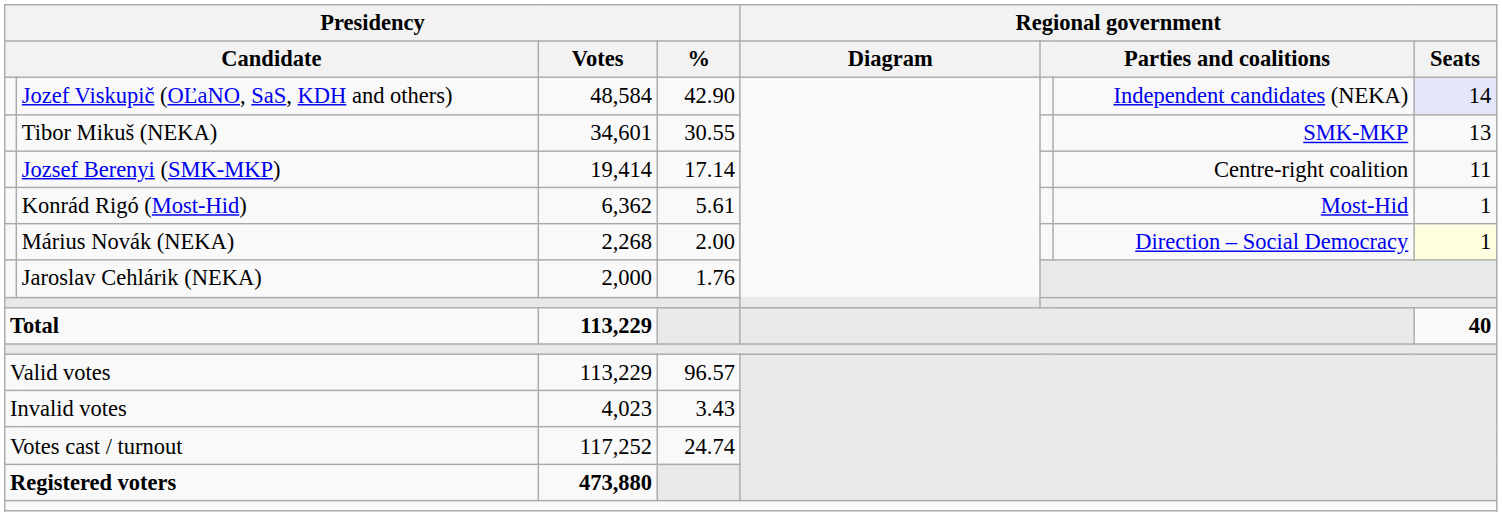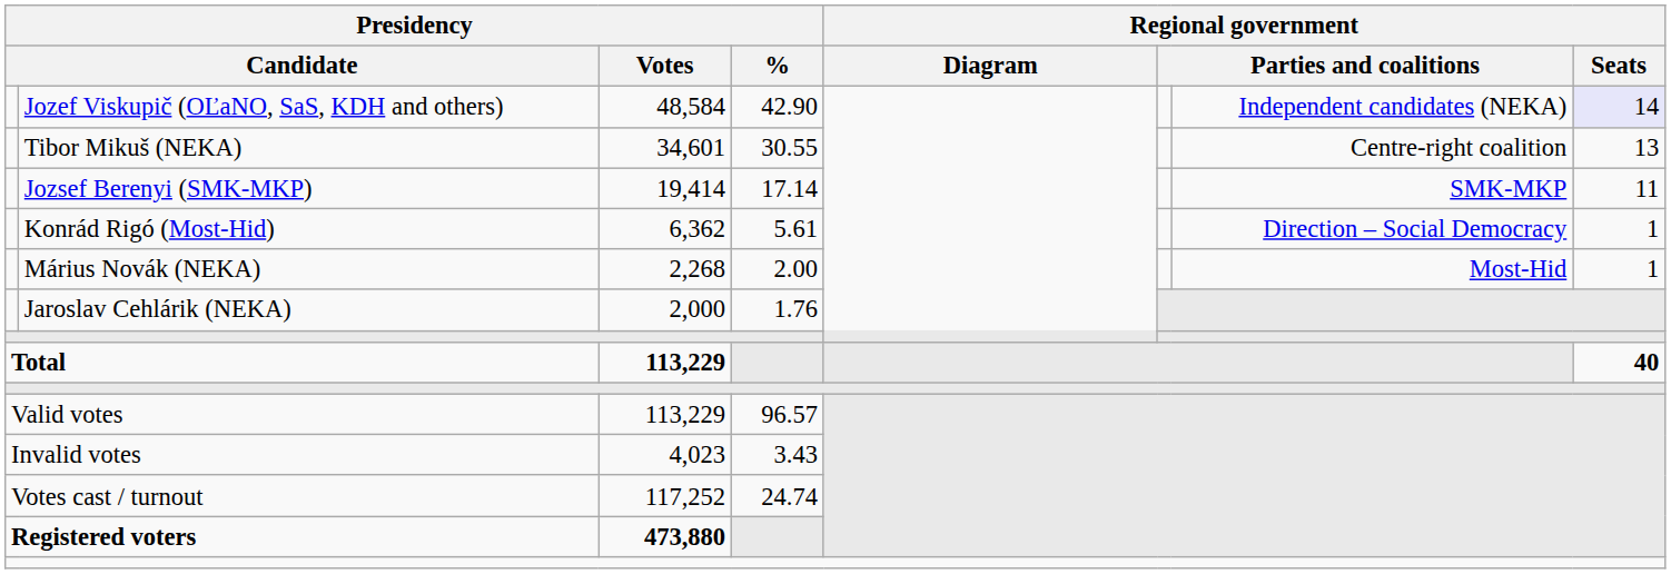 <table class="wikitable" style="text-align:right; font-size:97%;">
 <tr>
 <th colspan="4" width="500">Presidency</th>
 <th colspan="4" width="500">Regional government</th>
 </tr>
 <tr>
 <th colspan="2" width="325">Candidate</th>
 <th width="75">Votes</th>
 <th width="50">%</th>
 <th width="200">Diagram</th>
 <th colspan="2" width="250">Parties and coalitions</th>
 <th width="50">Seats</th>
 </tr>
 <tr>
 <td width="1" style="color:inherit;background:"></td>
 <td align="left"><a href='#'>Jozef Viskupič</a> (<a href='#'>OĽaNO</a>, <a href='#'>SaS</a>, <a href='#'>KDH</a> and others)</td>
 <td>48,584</td>
 <td>42.90</td>
 <td rowspan="7"></td>
 <td width="1" style="color:inherit;background:"></td>
 <td><a href='#'>Independent candidates</a> (NEKA)</td>
 <td style="background: lavender;">14</td>
 </tr>
 <tr>
 <td width="1" style="color:inherit;background:"></td>
 <td align="left">Tibor Mikuš (NEKA)</td>
 <td>34,601</td>
 <td>30.55</td>
 <td width="1" style="color:inherit;background:"></td>
-<td><a href='#'>SMK-MKP</a></td>
+<td>Centre-right coalition</td>
 <td>13</td>
 </tr>
 <tr>
 <td width="1" style="color:inherit;background:"></td>
 <td align="left"><a href='#'>Jozsef Berenyi</a> (<a href='#'>SMK-MKP</a>)</td>
 <td>19,414</td>
 <td>17.14</td>
 <td width="1" style="color:inherit;background:"></td>
-<td>Centre-right coalition</td>
+<td><a href='#'>SMK-MKP</a></td>
 <td>11</td>
 </tr>
 <tr>
 <td width="1" style="color:inherit;background:"></td>
 <td align="left">Konrád Rigó (<a href='#'>Most-Hid</a>)</td>
 <td>6,362</td>
 <td>5.61</td>
 <td width="1" style="color:inherit;background:"></td>
-<td><a href='#'>Most-Hid</a></td>
+<td><a href='#'>Direction – Social Democracy</a></td>
 <td>1</td>
 </tr>
 <tr>
 <td width="1" style="color:inherit;background:"></td>
 <td align="left">Márius Novák (NEKA)</td>
 <td>2,268</td>
 <td>2.00</td>
 <td width="1" style="color:inherit;background:"></td>
-<td><a href='#'>Direction – Social Democracy</a></td>
-<td style="background: lightyellow;">1</td>
+<td><a href='#'>Most-Hid</a></td>
+<td>1</td>
 </tr>
 <tr>
 <td width="1" style="color:inherit;background:"></td>
 <td align="left">Jaroslav Cehlárik (NEKA)</td>
 <td>2,000</td>
 <td>1.76</td>
 <td colspan="3" rowspan="1" bgcolor="#E9E9E9"></td>
 </tr>
 <tr>
 <td colspan="8" bgcolor="#E9E9E9"></td>
 </tr>
 <tr>
 <td align="left" colspan="2"><strong>Total</strong></td>
 <td><strong>113,229</strong></td>
 <td style="color:inherit;background:#E9E9E9"></td>
 <td colspan="3" bgcolor="#E9E9E9"></td>
 <td><strong>40</strong></td>
 </tr>
 <tr>
 <td colspan="8" bgcolor="#E9E9E9"></td>
 </tr>
 <tr>
 <td align="left" colspan="2">Valid votes</td>
 <td>113,229</td>
 <td>96.57</td>
 <td bgcolor="#E9E9E9" rowspan="4" colspan="4"></td>
 </tr>
 <tr>
 <td align="left" colspan="2">Invalid votes</td>
 <td>4,023</td>
 <td>3.43</td>
 </tr>
 <tr>
 <td align="left" colspan="2">Votes cast / turnout</td>
 <td>117,252</td>
 <td>24.74</td>
 </tr>
 <tr style="font-weight:bold;">
 <td align="left" colspan="2">Registered voters</td>
 <td>473,880</td>
 <td bgcolor="#E9E9E9"></td>
 </tr>
 <tr>
 <td colspan="8"></td>
 </tr>
 </table>
